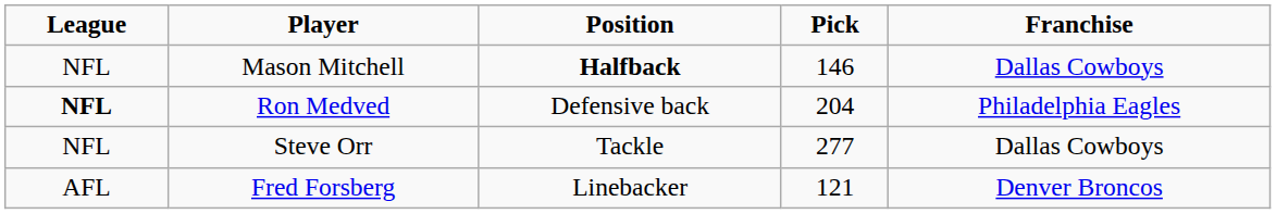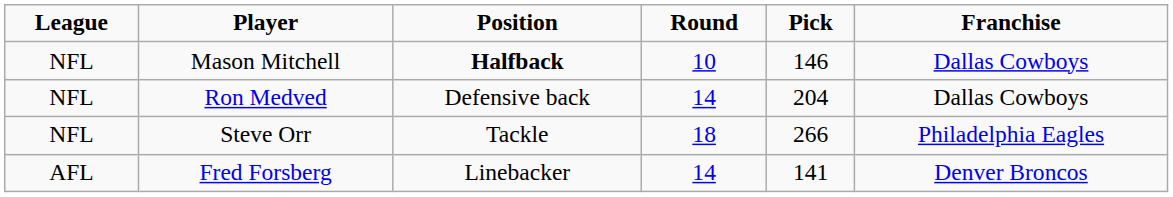 <table class="wikitable" width="50%">
 <tr align="center">
 <td><strong>League</strong></td>
 <td><strong>Player</strong></td>
 <td><strong>Position</strong></td>
+<td><strong>Round</strong></td>
 <td><strong>Pick</strong></td>
 <td><strong>Franchise</strong></td>
 </tr>
 <tr align="center" bgcolor="">
 <td>NFL</td>
 <td>Mason Mitchell</td>
 <td><strong>Halfback</strong></td>
+<td><a href='#'>10</a></td>
 <td>146</td>
 <td><a href='#'>Dallas Cowboys</a></td>
 </tr>
 <tr align="center" bgcolor="">
-<td><strong>NFL</strong></td>
+<td>NFL</td>
 <td><a href='#'>Ron Medved</a></td>
 <td>Defensive back</td>
+<td><a href='#'>14</a></td>
 <td>204</td>
-<td><a href='#'>Philadelphia Eagles</a></td>
+<td>Dallas Cowboys</td>
 </tr>
 <tr align="center" bgcolor="">
 <td>NFL</td>
 <td>Steve Orr</td>
 <td>Tackle</td>
-<td>277</td>
-<td>Dallas Cowboys</td>
+<td><a href='#'>18</a></td>
+<td>266</td>
+<td><a href='#'>Philadelphia Eagles</a></td>
 </tr>
 <tr align="center" bgcolor="">
 <td>AFL</td>
 <td><a href='#'>Fred Forsberg</a></td>
 <td>Linebacker</td>
-<td>121</td>
+<td><a href='#'>14</a></td>
+<td>141</td>
 <td><a href='#'>Denver Broncos</a></td>
 </tr>
 </table>
